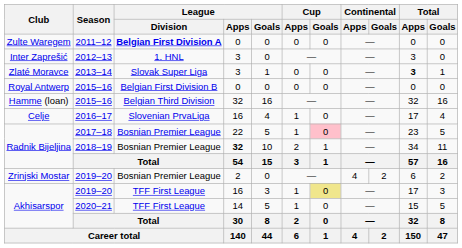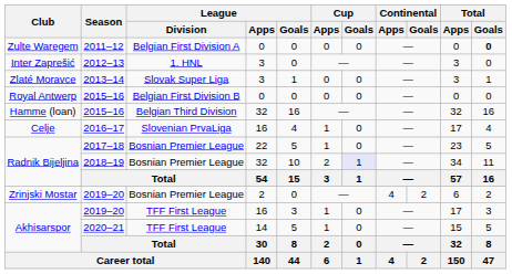 <table class=wikitable style="text-align: center;font-size:95%">
 <tr>
 <th rowspan=2>Club</th>
 <th rowspan=2>Season</th>
 <th colspan=3>League</th>
 <th colspan=2>Cup</th>
 <th colspan=2>Continental</th>
 <th colspan=2>Total</th>
 </tr>
 <tr>
 <th>Division</th>
 <th>Apps</th>
 <th>Goals</th>
 <th>Apps</th>
 <th>Goals</th>
 <th>Apps</th>
 <th>Goals</th>
 <th>Apps</th>
 <th>Goals</th>
 </tr>
 <tr>
 <td><a href='#'>Zulte Waregem</a></td>
 <td><a href='#'>2011–12</a></td>
-<td><strong><a href='#'>Belgian First Division A</a></strong></td>
+<td><a href='#'>Belgian First Division A</a></td>
 <td>0</td>
 <td>0</td>
 <td>0</td>
 <td>0</td>
 <td colspan=2>—</td>
 <td>0</td>
-<td>0</td>
+<td><strong>0</strong></td>
 </tr>
 <tr>
 <td><a href='#'>Inter Zaprešić</a></td>
 <td><a href='#'>2012–13</a></td>
 <td><a href='#'>1. HNL</a></td>
 <td>3</td>
 <td>0</td>
 <td colspan=2>—</td>
 <td colspan=2>—</td>
 <td>3</td>
 <td>0</td>
 </tr>
 <tr>
 <td><a href='#'>Zlaté Moravce</a></td>
 <td><a href='#'>2013–14</a></td>
 <td><a href='#'>Slovak Super Liga</a></td>
 <td>3</td>
 <td>1</td>
 <td>0</td>
 <td>0</td>
 <td colspan=2>—</td>
-<td><strong>3</strong></td>
+<td>3</td>
 <td>1</td>
 </tr>
 <tr>
 <td><a href='#'>Royal Antwerp</a></td>
 <td><a href='#'>2015–16</a></td>
 <td><a href='#'>Belgian First Division B</a></td>
 <td>0</td>
 <td>0</td>
 <td>0</td>
 <td>0</td>
 <td colspan=2>—</td>
 <td>0</td>
 <td>0</td>
 </tr>
 <tr>
 <td><a href='#'>Hamme</a> (loan)</td>
 <td><a href='#'>2015–16</a></td>
 <td><a href='#'>Belgian Third Division</a></td>
 <td>32</td>
 <td>16</td>
 <td colspan=2>—</td>
 <td colspan=2>—</td>
 <td>32</td>
 <td>16</td>
 </tr>
 <tr>
 <td><a href='#'>Celje</a></td>
 <td><a href='#'>2016–17</a></td>
 <td><a href='#'>Slovenian PrvaLiga</a></td>
 <td>16</td>
 <td>4</td>
 <td>1</td>
 <td>0</td>
 <td colspan=2>—</td>
 <td>17</td>
 <td>4</td>
 </tr>
 <tr>
 <td rowspan=3><a href='#'>Radnik Bijeljina</a></td>
 <td><a href='#'>2017–18</a></td>
 <td><a href='#'>Bosnian Premier League</a></td>
 <td>22</td>
 <td>5</td>
 <td>1</td>
-<td style="background: pink;">0</td>
+<td>0</td>
 <td colspan=2>—</td>
 <td>23</td>
 <td>5</td>
 </tr>
 <tr>
 <td><a href='#'>2018–19</a></td>
 <td>Bosnian Premier League</td>
-<td><strong>32</strong></td>
+<td>32</td>
 <td>10</td>
 <td>2</td>
-<td>1</td>
+<td style="background: lavender;">1</td>
 <td colspan=2>—</td>
 <td>34</td>
 <td>11</td>
 </tr>
 <tr>
 <th colspan=2>Total</th>
 <th>54</th>
 <th>15</th>
 <th>3</th>
 <th>1</th>
 <th colspan=2>—</th>
 <th>57</th>
 <th>16</th>
 </tr>
 <tr>
 <td><a href='#'>Zrinjski Mostar</a></td>
 <td><a href='#'>2019–20</a></td>
 <td>Bosnian Premier League</td>
 <td>2</td>
 <td>0</td>
 <td colspan=2>—</td>
 <td>4</td>
 <td>2</td>
 <td>6</td>
 <td>2</td>
 </tr>
 <tr>
 <td rowspan=3><a href='#'>Akhisarspor</a></td>
 <td><a href='#'>2019–20</a></td>
 <td><a href='#'>TFF First League</a></td>
 <td>16</td>
 <td>3</td>
 <td>1</td>
-<td style="background: khaki;">0</td>
+<td>0</td>
 <td colspan=2>—</td>
 <td>17</td>
 <td>3</td>
 </tr>
 <tr>
 <td><a href='#'>2020–21</a></td>
 <td><a href='#'>TFF First League</a></td>
 <td>14</td>
 <td>5</td>
 <td>1</td>
 <td>0</td>
 <td colspan=2>—</td>
 <td>15</td>
 <td>5</td>
 </tr>
 <tr>
 <th colspan=2>Total</th>
 <th>30</th>
 <th>8</th>
 <th>2</th>
 <th>0</th>
 <th colspan=2>—</th>
 <th>32</th>
 <th>8</th>
 </tr>
 <tr>
 <th colspan=3>Career total</th>
 <th>140</th>
 <th>44</th>
 <th>6</th>
 <th>1</th>
 <th>4</th>
 <th>2</th>
 <th>150</th>
 <th>47</th>
 </tr>
 </table>
